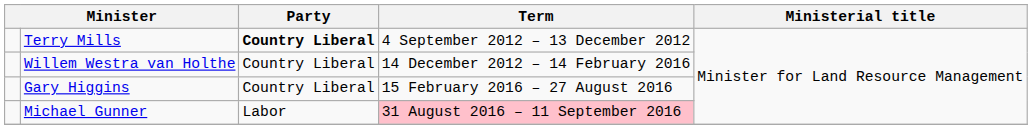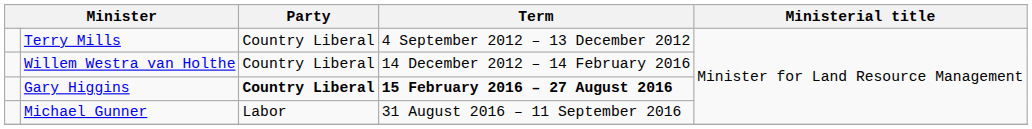 <table class="sortable wikitable">
 <tr>
 <th colspan=2>Minister</th>
 <th>Party</th>
 <th>Term </th>
 <th>Ministerial title</th>
 </tr>
 <tr>
 <td> </td>
 <td><a href='#'>Terry Mills</a></td>
-<td><strong>Country Liberal</strong></td>
+<td>Country Liberal</td>
 <td>4 September 2012 – 13 December 2012</td>
 <td rowspan="4">Minister for Land Resource Management</td>
 </tr>
 <tr>
 <td> </td>
 <td><a href='#'>Willem Westra van Holthe</a></td>
 <td>Country Liberal</td>
 <td>14 December 2012 – 14 February 2016</td>
 </tr>
 <tr>
 <td> </td>
 <td><a href='#'>Gary Higgins</a></td>
-<td>Country Liberal</td>
-<td>15 February 2016 – 27 August 2016</td>
+<td><strong>Country Liberal</strong></td>
+<td><strong>15 February 2016 – 27 August 2016</strong></td>
 </tr>
 <tr>
 <td> </td>
 <td><a href='#'>Michael Gunner</a></td>
 <td>Labor</td>
-<td style="background: pink;">31 August 2016 – 11 September 2016</td>
+<td>31 August 2016 – 11 September 2016</td>
 </tr>
 <tr>
 </tr>
 </table>
